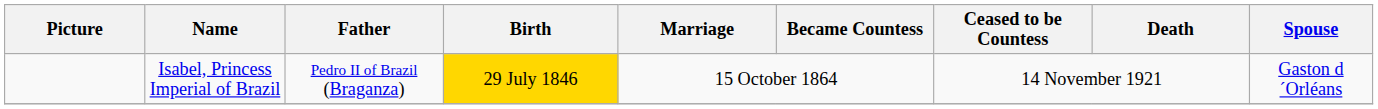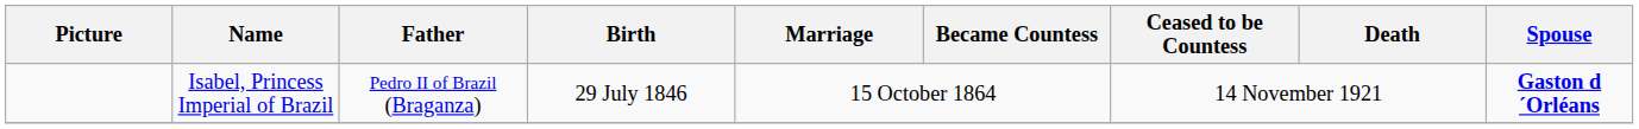 <table width=95% class="wikitable">
 <tr>
 <th width = "8%">Picture</th>
 <th width = "8%">Name</th>
 <th width = "9%">Father</th>
 <th width = "10%">Birth</th>
 <th width = "9%">Marriage</th>
 <th width = "9%">Became Countess</th>
 <th width = "9%">Ceased to be Countess</th>
 <th width = "9%">Death</th>
 <th width = "7%"><a href='#'>Spouse</a></th>
 </tr>
 <tr>
 <td align=center></td>
 <td align=center><a href='#'>Isabel, Princess Imperial of Brazil</a></td>
 <td align="center"><small><a href='#'>Pedro II of Brazil</a></small><br>(<a href='#'>Braganza</a>)</td>
-<td align="center" style="background: gold;">29 July 1846</td>
+<td align="center">29 July 1846</td>
 <td align="center" colspan="2">15 October 1864</td>
 <td align="center" colspan="2">14 November 1921</td>
-<td align="center"><a href='#'>Gaston d´Orléans</a></td>
+<td align="center"><strong><a href='#'>Gaston d´Orléans</a></strong></td>
 </tr>
 <tr>
 </tr>
 </table>
